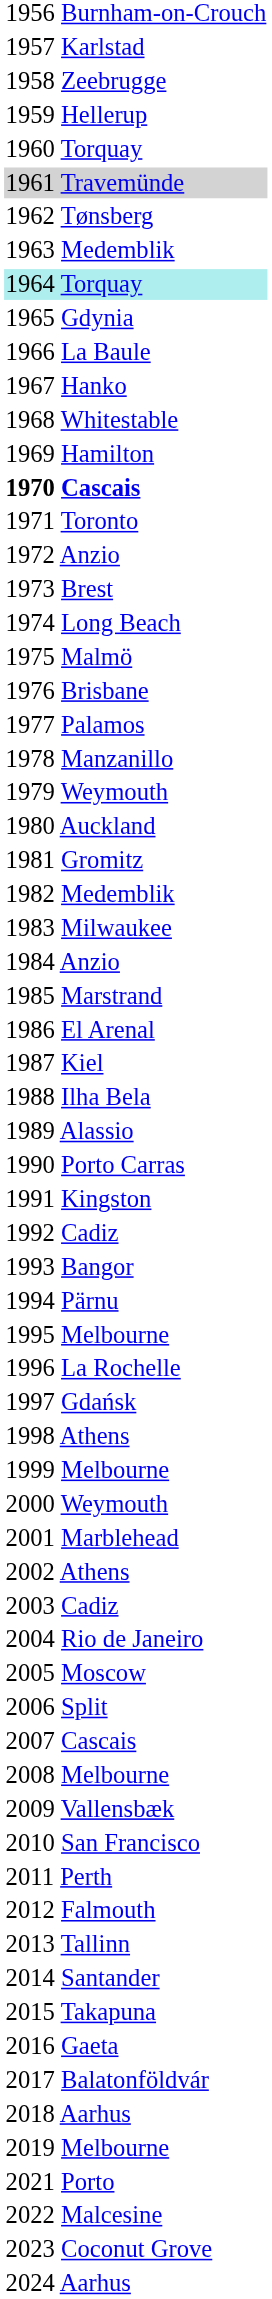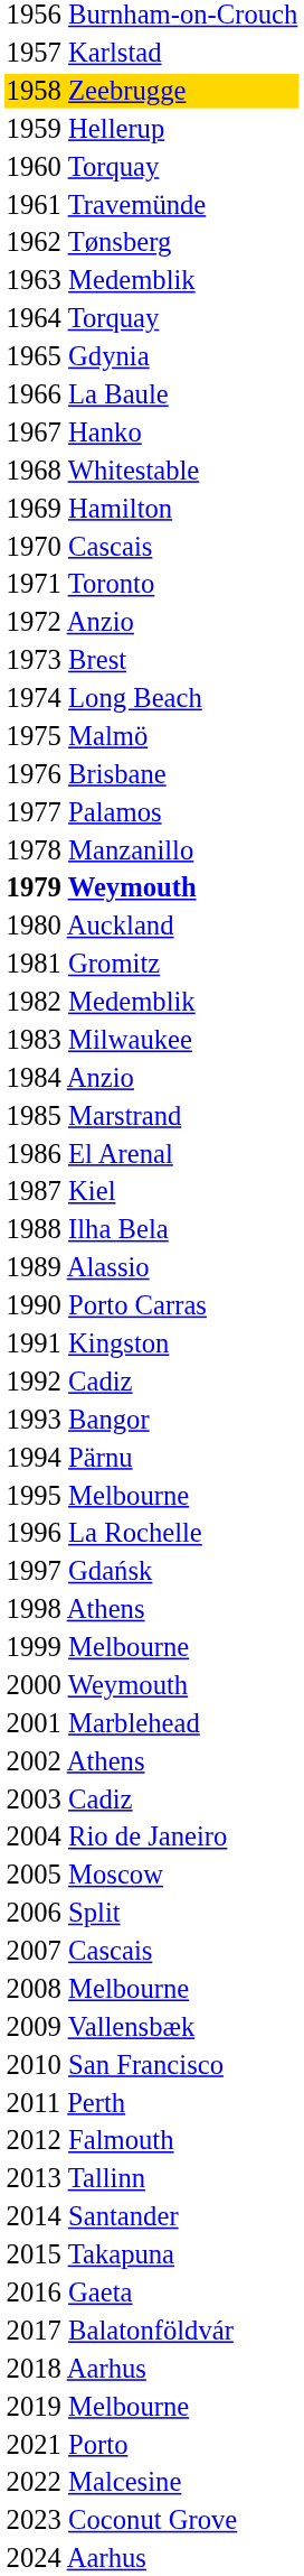 <table>
 <tr>
 <td>1956 <a href='#'>Burnham-on-Crouch</a><br></td>
 <td></td>
 <td></td>
 <td></td>
 </tr>
 <tr>
 <td>1957 <a href='#'>Karlstad</a><br></td>
 <td></td>
 <td></td>
 <td></td>
 <td></td>
 </tr>
 <tr>
-<td>1958 <a href='#'>Zeebrugge</a><br></td>
+<td style="background: gold;">1958 <a href='#'>Zeebrugge</a><br></td>
 <td></td>
 <td></td>
 <td></td>
 <td></td>
 </tr>
 <tr>
 <td>1959 <a href='#'>Hellerup</a><br></td>
 <td></td>
 <td></td>
 <td></td>
 <td></td>
 </tr>
 <tr>
 <td>1960 <a href='#'>Torquay</a><br></td>
 <td></td>
 <td></td>
 <td></td>
 <td></td>
 </tr>
 <tr>
-<td style="background: lightgrey;">1961 <a href='#'>Travemünde</a><br></td>
+<td>1961 <a href='#'>Travemünde</a><br></td>
 <td></td>
 <td></td>
 <td></td>
 </tr>
 <tr>
 <td>1962 <a href='#'>Tønsberg</a><br></td>
 <td></td>
 <td></td>
 <td></td>
 </tr>
 <tr>
 <td>1963 <a href='#'>Medemblik</a><br></td>
 <td></td>
 <td></td>
 <td></td>
 </tr>
 <tr>
-<td style="background: paleturquoise;">1964 <a href='#'>Torquay</a><br></td>
+<td>1964 <a href='#'>Torquay</a><br></td>
 <td></td>
 <td></td>
 <td></td>
 </tr>
 <tr>
 <td>1965 <a href='#'>Gdynia</a><br></td>
 <td></td>
 <td></td>
 <td></td>
 </tr>
 <tr>
 <td>1966 <a href='#'>La Baule</a><br></td>
 <td></td>
 <td></td>
 <td></td>
 </tr>
 <tr>
 <td>1967 <a href='#'>Hanko</a><br></td>
 <td></td>
 <td></td>
 <td></td>
 </tr>
 <tr>
 <td>1968 <a href='#'>Whitestable</a><br></td>
 <td></td>
 <td></td>
 <td></td>
 </tr>
 <tr>
 <td>1969 <a href='#'>Hamilton</a><br></td>
 <td></td>
 <td></td>
 <td></td>
 </tr>
 <tr>
-<td><strong>1970 <a href='#'>Cascais</a><br></strong></td>
+<td>1970 <a href='#'>Cascais</a><br></td>
 <td></td>
 <td></td>
 <td></td>
 </tr>
 <tr>
 <td>1971 <a href='#'>Toronto</a><br></td>
 <td></td>
 <td></td>
 <td></td>
 </tr>
 <tr>
 <td>1972 <a href='#'>Anzio</a><br></td>
 <td></td>
 <td></td>
 <td></td>
 </tr>
 <tr>
 <td>1973 <a href='#'>Brest</a><br></td>
 <td></td>
 <td></td>
 <td></td>
 </tr>
 <tr>
 <td>1974 <a href='#'>Long Beach</a><br></td>
 <td></td>
 <td></td>
 <td></td>
 </tr>
 <tr>
 <td>1975 <a href='#'>Malmö</a><br></td>
 <td></td>
 <td></td>
 <td></td>
 </tr>
 <tr>
 <td>1976 <a href='#'>Brisbane</a><br></td>
 <td></td>
 <td></td>
 <td></td>
 <td></td>
 </tr>
 <tr>
 <td>1977 <a href='#'>Palamos</a><br></td>
 <td></td>
 <td></td>
 <td></td>
 <td></td>
 </tr>
 <tr>
 <td>1978 <a href='#'>Manzanillo</a><br></td>
 <td></td>
 <td></td>
 <td></td>
 <td></td>
 </tr>
 <tr>
-<td>1979 <a href='#'>Weymouth</a><br></td>
+<td><strong>1979 <a href='#'>Weymouth</a><br></strong></td>
 <td></td>
 <td></td>
 <td></td>
 <td></td>
 </tr>
 <tr>
 <td>1980 <a href='#'>Auckland</a><br></td>
 <td></td>
 <td></td>
 <td></td>
 <td></td>
 </tr>
 <tr>
 <td>1981 <a href='#'>Gromitz</a><br></td>
 <td></td>
 <td></td>
 <td></td>
 <td></td>
 </tr>
 <tr>
 <td>1982 <a href='#'>Medemblik</a><br></td>
 <td></td>
 <td></td>
 <td></td>
 <td></td>
 </tr>
 <tr>
 <td>1983 <a href='#'>Milwaukee</a><br></td>
 <td></td>
 <td></td>
 <td></td>
 </tr>
 <tr>
 <td>1984 <a href='#'>Anzio</a><br></td>
 <td></td>
 <td></td>
 <td></td>
 </tr>
 <tr>
 <td>1985 <a href='#'>Marstrand</a><br></td>
 <td></td>
 <td></td>
 <td></td>
 </tr>
 <tr>
 <td>1986 <a href='#'>El Arenal</a><br></td>
 <td></td>
 <td></td>
 <td></td>
 </tr>
 <tr>
 <td>1987 <a href='#'>Kiel</a><br></td>
 <td></td>
 <td></td>
 <td></td>
 </tr>
 <tr>
 <td>1988 <a href='#'>Ilha Bela</a><br></td>
 <td></td>
 <td></td>
 <td></td>
 </tr>
 <tr>
 <td>1989 <a href='#'>Alassio</a><br></td>
 <td></td>
 <td></td>
 <td></td>
 </tr>
 <tr>
 <td>1990 <a href='#'>Porto Carras</a><br></td>
 <td></td>
 <td></td>
 <td></td>
 <td></td>
 </tr>
 <tr>
 <td>1991 <a href='#'>Kingston</a><br></td>
 <td></td>
 <td></td>
 <td></td>
 <td></td>
 </tr>
 <tr>
 <td>1992 <a href='#'>Cadiz</a><br></td>
 <td></td>
 <td></td>
 <td></td>
 <td></td>
 </tr>
 <tr>
 <td>1993 <a href='#'>Bangor</a><br></td>
 <td></td>
 <td></td>
 <td></td>
 <td></td>
 </tr>
 <tr>
 <td>1994 <a href='#'>Pärnu</a><br></td>
 <td></td>
 <td></td>
 <td></td>
 <td></td>
 </tr>
 <tr>
 <td>1995 <a href='#'>Melbourne</a><br></td>
 <td></td>
 <td></td>
 <td></td>
 <td></td>
 </tr>
 <tr>
 <td>1996 <a href='#'>La Rochelle</a><br></td>
 <td></td>
 <td></td>
 <td></td>
 <td></td>
 </tr>
 <tr>
 <td>1997 <a href='#'>Gdańsk</a><br></td>
 <td></td>
 <td></td>
 <td></td>
 <td></td>
 </tr>
 <tr>
 <td>1998 <a href='#'>Athens</a><br></td>
 <td></td>
 <td></td>
 <td></td>
 <td></td>
 </tr>
 <tr>
 <td>1999 <a href='#'>Melbourne</a><br></td>
 <td></td>
 <td></td>
 <td></td>
 <td></td>
 </tr>
 <tr>
 <td>2000 <a href='#'>Weymouth</a><br></td>
 <td></td>
 <td></td>
 <td></td>
 <td></td>
 </tr>
 <tr>
 <td>2001 <a href='#'>Marblehead</a><br></td>
 <td></td>
 <td></td>
 <td></td>
 <td></td>
 </tr>
 <tr>
 <td>2002 <a href='#'>Athens</a><br></td>
 <td></td>
 <td></td>
 <td></td>
 <td></td>
 </tr>
 <tr>
 <td>2003 <a href='#'>Cadiz</a><br></td>
 <td></td>
 <td></td>
 <td></td>
 <td></td>
 </tr>
 <tr>
 <td>2004 <a href='#'>Rio de Janeiro</a><br></td>
 <td></td>
 <td></td>
 <td></td>
 <td></td>
 </tr>
 <tr>
 <td>2005 <a href='#'>Moscow</a><br></td>
 <td></td>
 <td></td>
 <td></td>
 <td></td>
 </tr>
 <tr>
 <td>2006 <a href='#'>Split</a><br></td>
 <td></td>
 <td></td>
 <td></td>
 <td></td>
 </tr>
 <tr>
 <td>2007 <a href='#'>Cascais</a><br></td>
 <td></td>
 <td></td>
 <td></td>
 <td></td>
 </tr>
 <tr>
 <td>2008 <a href='#'>Melbourne</a><br></td>
 <td></td>
 <td></td>
 <td></td>
 <td></td>
 </tr>
 <tr>
 <td>2009 <a href='#'>Vallensbæk</a><br></td>
 <td></td>
 <td></td>
 <td></td>
 <td></td>
 </tr>
 <tr>
 <td>2010 <a href='#'>San Francisco</a><br></td>
 <td></td>
 <td></td>
 <td></td>
 <td></td>
 </tr>
 <tr>
 <td>2011 <a href='#'>Perth</a><br></td>
 <td></td>
 <td></td>
 <td></td>
 <td></td>
 </tr>
 <tr>
 <td>2012 <a href='#'>Falmouth</a><br></td>
 <td></td>
 <td></td>
 <td></td>
 <td></td>
 </tr>
 <tr>
 <td>2013 <a href='#'>Tallinn</a><br></td>
 <td></td>
 <td></td>
 <td></td>
 <td></td>
 </tr>
 <tr>
 <td>2014 <a href='#'>Santander</a><br></td>
 <td></td>
 <td></td>
 <td></td>
 <td></td>
 </tr>
 <tr>
 <td>2015 <a href='#'>Takapuna</a><br></td>
 <td></td>
 <td></td>
 <td></td>
 <td></td>
 </tr>
 <tr>
 <td>2016 <a href='#'>Gaeta</a><br></td>
 <td></td>
 <td></td>
 <td></td>
 <td></td>
 </tr>
 <tr>
 <td nowrap>2017 <a href='#'>Balatonföldvár</a><br></td>
 <td></td>
 <td></td>
 <td></td>
 <td></td>
 </tr>
 <tr>
 <td>2018 <a href='#'>Aarhus</a><br></td>
 <td></td>
 <td></td>
 <td></td>
 <td></td>
 </tr>
 <tr>
 <td>2019 <a href='#'>Melbourne</a><br></td>
 <td></td>
 <td></td>
 <td></td>
 <td></td>
 </tr>
 <tr>
 <td>2021 <a href='#'>Porto</a><br></td>
 <td></td>
 <td></td>
 <td></td>
 <td></td>
 </tr>
 <tr>
 <td>2022 <a href='#'>Malcesine</a><br></td>
 <td></td>
 <td></td>
 <td></td>
 <td></td>
 </tr>
 <tr>
 <td>2023 <a href='#'>Coconut Grove</a><br></td>
 <td></td>
 <td></td>
 <td></td>
 <td></td>
 </tr>
 <tr>
 <td>2024 <a href='#'>Aarhus</a><br></td>
 <td></td>
 <td></td>
 <td></td>
 <td></td>
 </tr>
 </table>
